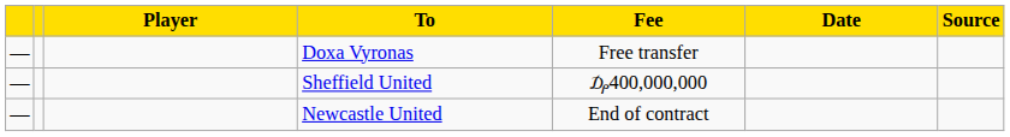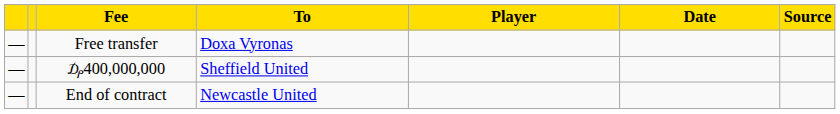 <table class="wikitable sortable">
 <tr>
 <th style="background:#FFDE00"></th>
 <th style="background:#FFDE00"></th>
+<th width=150 style="background:#FFDE00">Fee</th>
+<th width=200 style="background:#FFDE00">To</th>
 <th width=200 style="background:#FFDE00">Player</th>
-<th width=200 style="background:#FFDE00">To</th>
-<th width=150 style="background:#FFDE00">Fee</th>
 <th width=150 style="background:#FFDE00">Date</th>
 <th style="background:#FFDE00">Source</th>
 </tr>
 <tr>
 <td align=center>—</td>
 <td align=center></td>
+<td align=center>Free transfer</td>
+<td> <a href='#'>Doxa Vyronas</a></td>
 <td></td>
-<td> <a href='#'>Doxa Vyronas</a></td>
-<td align=center>Free transfer</td>
 <td align=center></td>
 <td align=center></td>
 </tr>
 <tr>
 <td align=center>—</td>
 <td align=center></td>
+<td align=center>₯400,000,000</td>
+<td> <a href='#'>Sheffield United</a></td>
 <td></td>
-<td> <a href='#'>Sheffield United</a></td>
-<td align=center>₯400,000,000</td>
 <td align=center></td>
 <td align=center></td>
 </tr>
 <tr>
 <td align=center>—</td>
 <td align=center></td>
+<td align=center>End of contract</td>
+<td> <a href='#'>Newcastle United</a></td>
 <td></td>
-<td> <a href='#'>Newcastle United</a></td>
-<td align=center>End of contract</td>
 <td align=center></td>
 <td align=center></td>
 </tr>
 </table>
